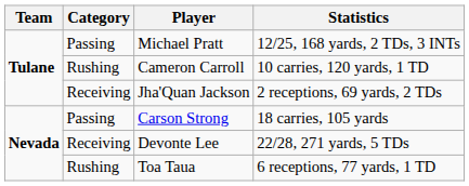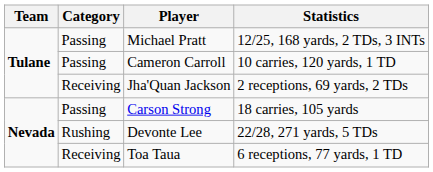 <table class="wikitable" style="float: left;">
 <tr>
 <th>Team</th>
 <th>Category</th>
 <th>Player</th>
 <th>Statistics</th>
 </tr>
 <tr>
 <td rowspan=3><strong>Tulane</strong></td>
 <td>Passing</td>
 <td>Michael Pratt</td>
 <td>12/25, 168 yards, 2 TDs, 3 INTs</td>
 </tr>
 <tr>
-<td>Rushing</td>
+<td>Passing</td>
 <td>Cameron Carroll</td>
 <td>10 carries, 120 yards, 1 TD</td>
 </tr>
 <tr>
 <td>Receiving</td>
 <td>Jha'Quan Jackson</td>
 <td>2 receptions, 69 yards, 2 TDs</td>
 </tr>
 <tr>
 <td rowspan=3><strong>Nevada</strong></td>
 <td>Passing</td>
 <td><a href='#'>Carson Strong</a></td>
 <td>18 carries, 105 yards</td>
 </tr>
 <tr>
-<td>Receiving</td>
+<td>Rushing</td>
 <td>Devonte Lee</td>
 <td>22/28, 271 yards, 5 TDs</td>
 </tr>
 <tr>
-<td>Rushing</td>
+<td>Receiving</td>
 <td>Toa Taua</td>
 <td>6 receptions, 77 yards, 1 TD</td>
 </tr>
 </table>
